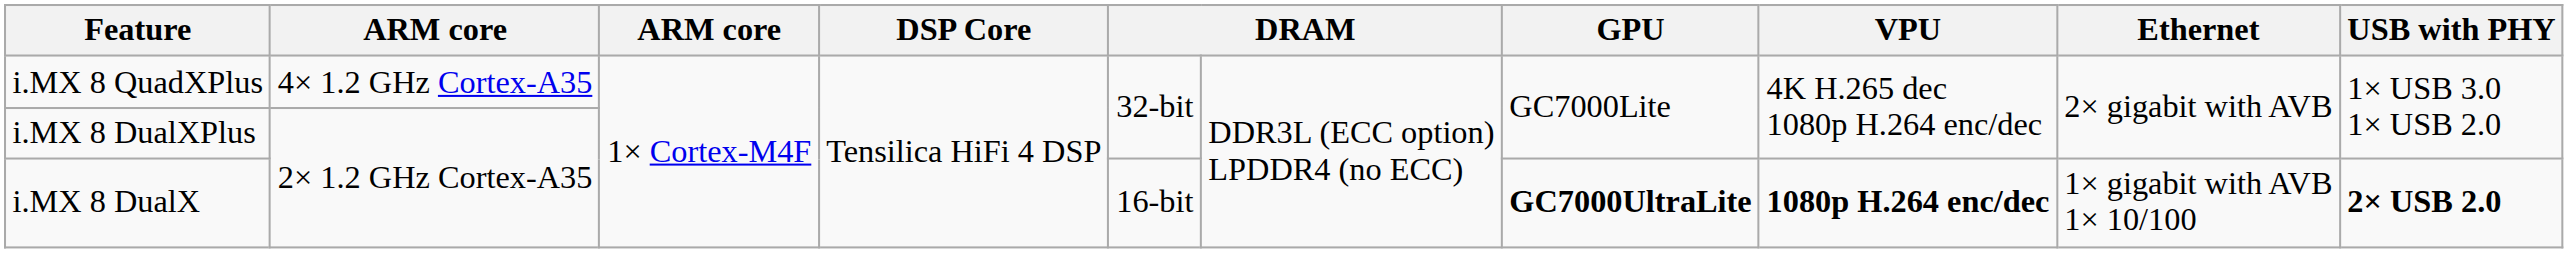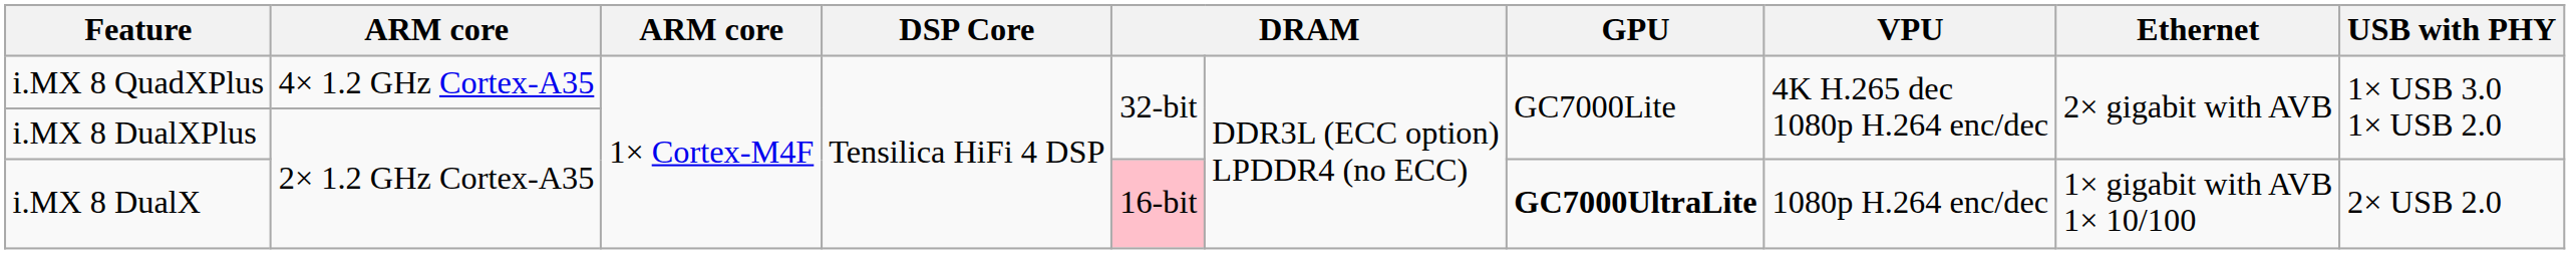 <table class="wikitable">
 <tr>
 <th>Feature</th>
 <th>ARM core</th>
 <th>ARM core</th>
 <th>DSP Core</th>
 <th colspan="2">DRAM</th>
 <th>GPU</th>
 <th>VPU</th>
 <th>Ethernet</th>
 <th>USB with PHY</th>
 </tr>
 <tr>
 <td>i.MX 8 QuadXPlus</td>
 <td>4× 1.2 GHz <a href='#'>Cortex-A35</a></td>
 <td rowspan="3">1× <a href='#'>Cortex-M4F</a></td>
 <td rowspan="3">Tensilica HiFi 4 DSP</td>
 <td rowspan="2">32-bit</td>
 <td rowspan="3">DDR3L (ECC option)<br>LPDDR4 (no ECC)</td>
 <td rowspan="2">GC7000Lite</td>
 <td rowspan="2">4K H.265 dec<br>1080p H.264 enc/dec</td>
 <td rowspan="2">2× gigabit with AVB</td>
 <td rowspan="2">1× USB 3.0<br>1× USB 2.0</td>
 </tr>
 <tr>
 <td>i.MX 8 DualXPlus</td>
 <td rowspan="2">2× 1.2 GHz Cortex-A35</td>
 </tr>
 <tr>
 <td>i.MX 8 DualX</td>
-<td>16-bit</td>
+<td style="background: pink;">16-bit</td>
 <td><strong>GC7000UltraLite</strong></td>
-<td><strong>1080p H.264 enc/dec</strong></td>
+<td>1080p H.264 enc/dec</td>
 <td>1× gigabit with AVB<br>1× 10/100</td>
-<td><strong>2× USB 2.0</strong></td>
+<td>2× USB 2.0</td>
 </tr>
 </table>
